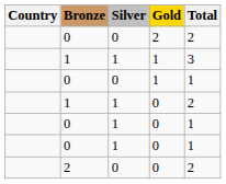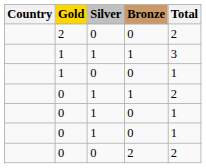 <table class="wikitable sortable">
 <tr>
 <th>Country</th>
+<th style="background:gold;">Gold</th>
+<th style="background:silver;">Silver</th>
 <th style="background:#c96;">Bronze</th>
-<th style="background:silver;">Silver</th>
-<th style="background:gold;">Gold</th>
 <th>Total</th>
 </tr>
 <tr>
 <td></td>
+<td>2</td>
 <td>0</td>
 <td>0</td>
-<td>2</td>
 <td>2</td>
 </tr>
 <tr>
 <td></td>
 <td>1</td>
 <td>1</td>
 <td>1</td>
 <td>3</td>
 </tr>
 <tr>
 <td></td>
+<td>1</td>
 <td>0</td>
 <td>0</td>
-<td>1</td>
 <td>1</td>
 </tr>
 <tr>
 <td></td>
+<td>0</td>
 <td>1</td>
 <td>1</td>
-<td>0</td>
 <td>2</td>
 </tr>
 <tr>
 <td></td>
 <td>0</td>
 <td>1</td>
 <td>0</td>
 <td>1</td>
 </tr>
 <tr>
 <td></td>
 <td>0</td>
 <td>1</td>
 <td>0</td>
 <td>1</td>
 </tr>
 <tr>
 <td></td>
-<td>2</td>
 <td>0</td>
 <td>0</td>
 <td>2</td>
+<td>2</td>
 </tr>
 </table>
